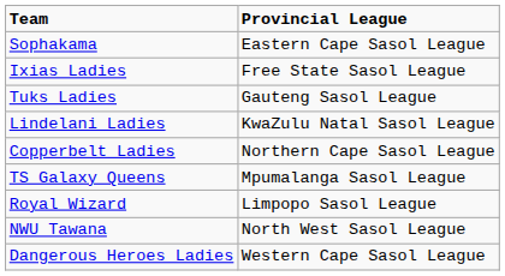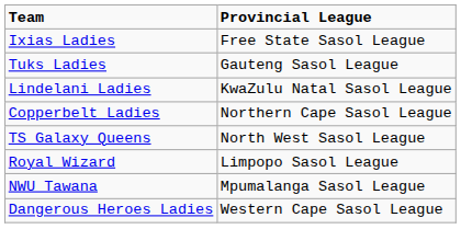 <table class= "wikitable sortable" style="text_align: left;">
 <tr>
 <td><strong>Team</strong></td>
 <td><strong>Provincial League</strong></td>
-</tr>
-<tr>
-<td><a href='#'>Sophakama</a></td>
-<td>Eastern Cape Sasol League</td>
 </tr>
 <tr>
 <td><a href='#'>Ixias Ladies</a></td>
 <td>Free State Sasol League</td>
 </tr>
 <tr>
 <td><a href='#'>Tuks Ladies</a></td>
 <td>Gauteng Sasol League</td>
 </tr>
 <tr>
 <td><a href='#'>Lindelani Ladies</a></td>
 <td>KwaZulu Natal Sasol League</td>
 </tr>
 <tr>
 <td><a href='#'>Copperbelt Ladies</a></td>
 <td>Northern Cape Sasol League</td>
 </tr>
 <tr>
 <td><a href='#'>TS Galaxy Queens</a></td>
-<td>Mpumalanga Sasol League</td>
+<td>North West Sasol League</td>
 </tr>
 <tr>
 <td><a href='#'>Royal Wizard</a></td>
 <td>Limpopo Sasol League</td>
 </tr>
 <tr>
 <td><a href='#'>NWU Tawana</a></td>
-<td>North West Sasol League</td>
+<td>Mpumalanga Sasol League</td>
 </tr>
 <tr>
 <td><a href='#'>Dangerous Heroes Ladies</a></td>
 <td>Western Cape Sasol League</td>
 </tr>
 </table>
